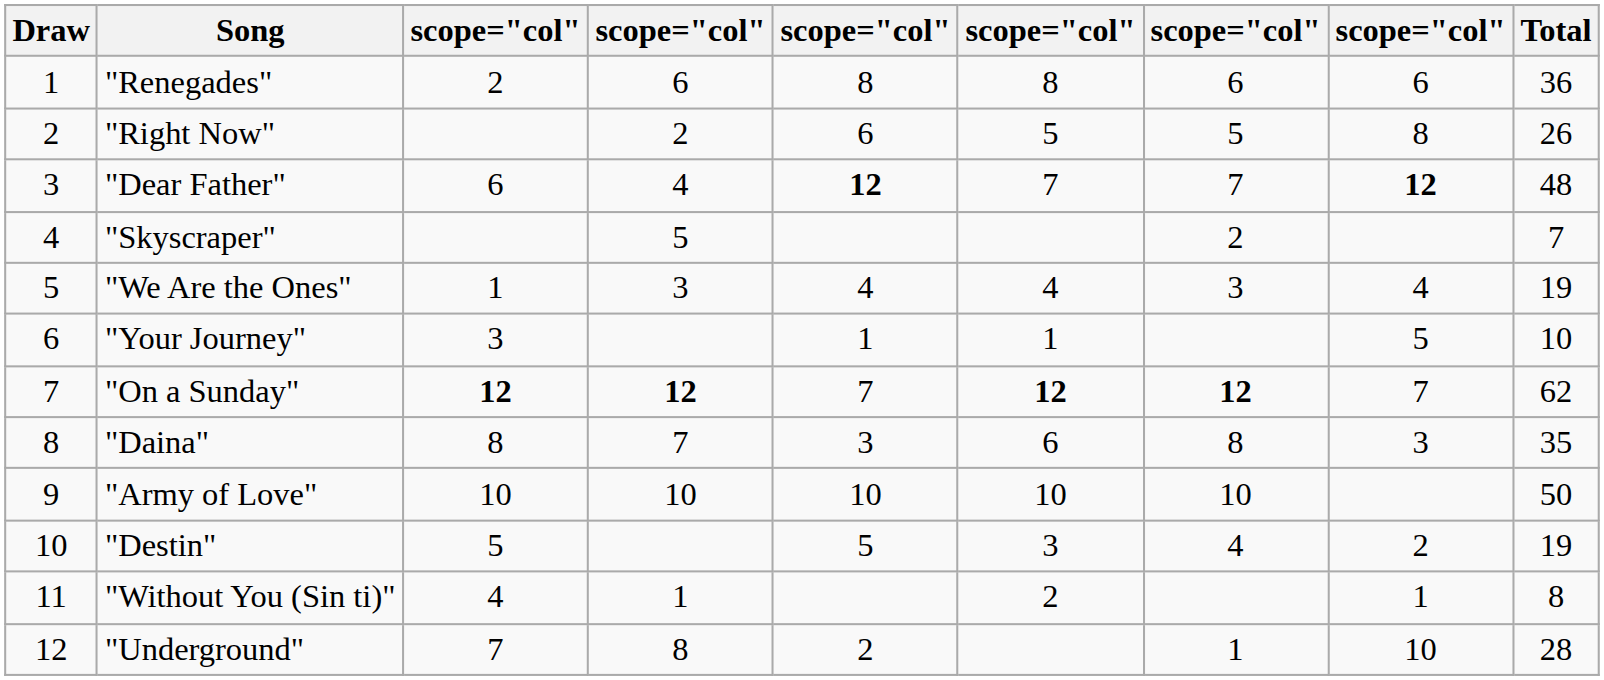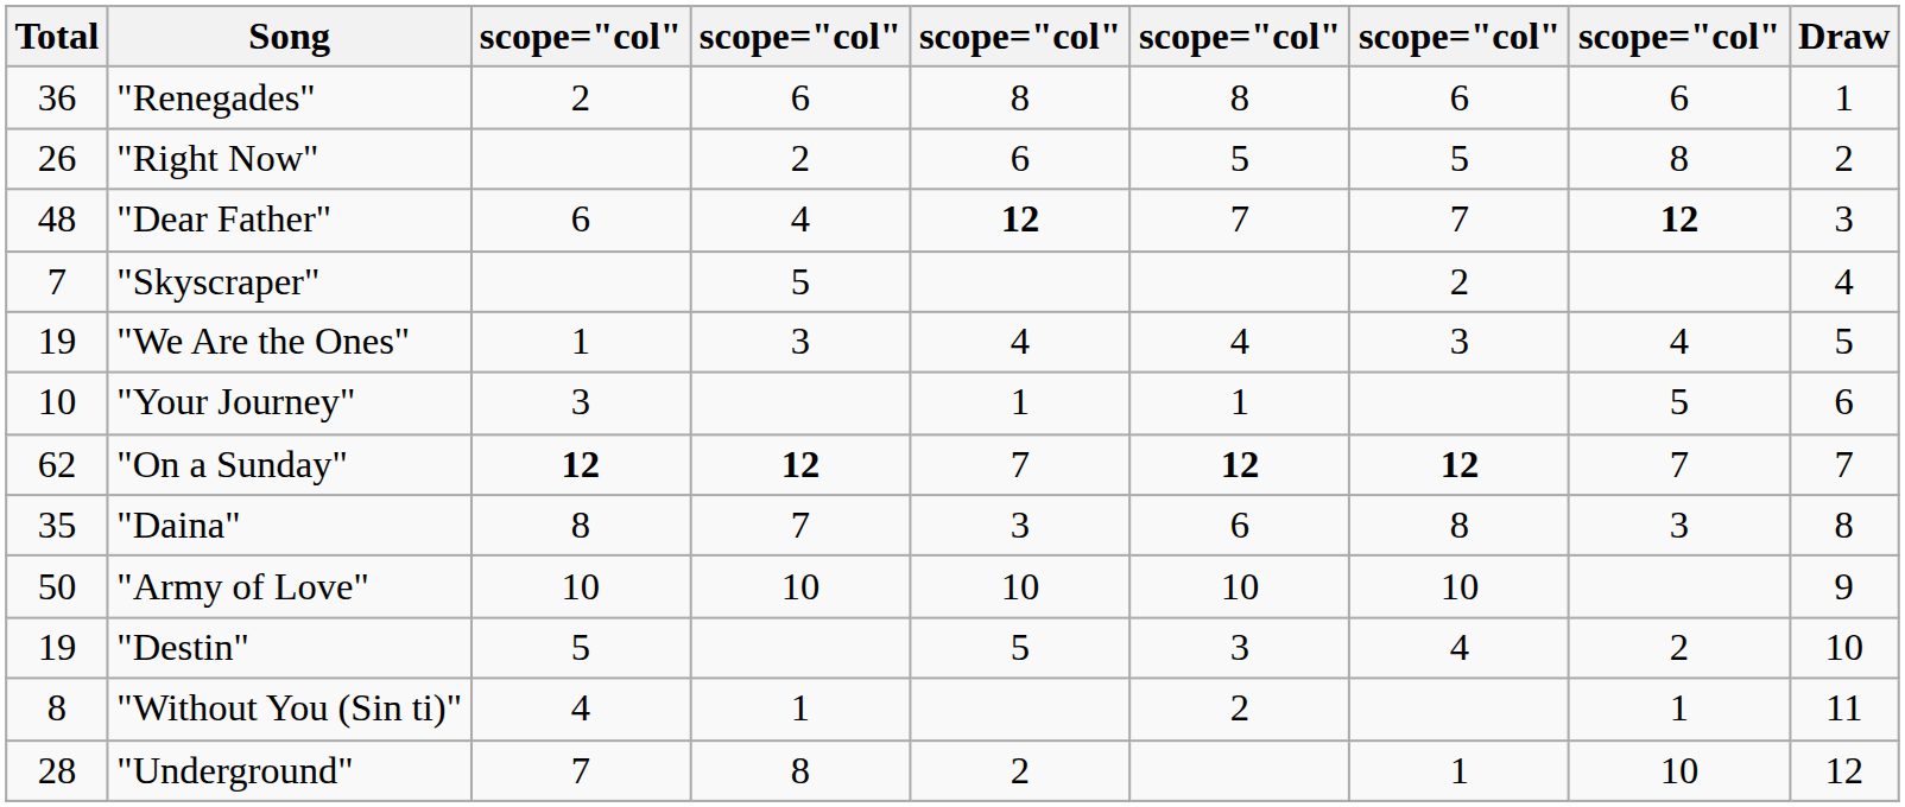 <table class="wikitable collapsible" style="margin: 1em auto 1em auto; text-align:center;">
 <tr>
-<th>Draw</th>
+<th>Total</th>
 <th>Song</th>
 <th>scope="col" </th>
 <th>scope="col" </th>
 <th>scope="col" </th>
 <th>scope="col" </th>
 <th>scope="col" </th>
 <th>scope="col" </th>
-<th>Total</th>
+<th>Draw</th>
 </tr>
 <tr>
-<td>1</td>
+<td>36</td>
 <td align="left">"Renegades"</td>
 <td>2</td>
 <td>6</td>
 <td>8</td>
 <td>8</td>
 <td>6</td>
 <td>6</td>
-<td>36</td>
+<td>1</td>
 </tr>
 <tr>
-<td>2</td>
+<td>26</td>
 <td align="left">"Right Now"</td>
 <td></td>
 <td>2</td>
 <td>6</td>
 <td>5</td>
 <td>5</td>
 <td>8</td>
-<td>26</td>
+<td>2</td>
 </tr>
 <tr>
-<td>3</td>
+<td>48</td>
 <td align="left">"Dear Father"</td>
 <td>6</td>
 <td>4</td>
 <td><strong>12</strong></td>
 <td>7</td>
 <td>7</td>
 <td><strong>12</strong></td>
-<td>48</td>
+<td>3</td>
 </tr>
 <tr>
-<td>4</td>
+<td>7</td>
 <td align="left">"Skyscraper"</td>
 <td></td>
 <td>5</td>
 <td></td>
 <td></td>
 <td>2</td>
 <td></td>
-<td>7</td>
+<td>4</td>
 </tr>
 <tr>
-<td>5</td>
+<td>19</td>
 <td align="left">"We Are the Ones"</td>
 <td>1</td>
 <td>3</td>
 <td>4</td>
 <td>4</td>
 <td>3</td>
 <td>4</td>
-<td>19</td>
+<td>5</td>
 </tr>
 <tr>
-<td>6</td>
+<td>10</td>
 <td align="left">"Your Journey"</td>
 <td>3</td>
 <td></td>
 <td>1</td>
 <td>1</td>
 <td></td>
 <td>5</td>
-<td>10</td>
+<td>6</td>
 </tr>
 <tr>
-<td>7</td>
+<td>62</td>
 <td align="left">"On a Sunday"</td>
 <td><strong>12</strong></td>
 <td><strong>12</strong></td>
 <td>7</td>
 <td><strong>12</strong></td>
 <td><strong>12</strong></td>
 <td>7</td>
-<td>62</td>
+<td>7</td>
 </tr>
 <tr>
-<td>8</td>
+<td>35</td>
 <td align="left">"Daina"</td>
 <td>8</td>
 <td>7</td>
 <td>3</td>
 <td>6</td>
 <td>8</td>
 <td>3</td>
-<td>35</td>
+<td>8</td>
 </tr>
 <tr>
-<td>9</td>
+<td>50</td>
 <td align="left">"Army of Love"</td>
 <td>10</td>
 <td>10</td>
 <td>10</td>
 <td>10</td>
 <td>10</td>
 <td></td>
-<td>50</td>
+<td>9</td>
 </tr>
 <tr>
-<td>10</td>
+<td>19</td>
 <td align="left">"Destin"</td>
 <td>5</td>
 <td></td>
 <td>5</td>
 <td>3</td>
 <td>4</td>
 <td>2</td>
-<td>19</td>
+<td>10</td>
 </tr>
 <tr>
-<td>11</td>
+<td>8</td>
 <td align="left">"Without You (Sin ti)"</td>
 <td>4</td>
 <td>1</td>
 <td></td>
 <td>2</td>
 <td></td>
 <td>1</td>
-<td>8</td>
+<td>11</td>
 </tr>
 <tr>
-<td>12</td>
+<td>28</td>
 <td align="left">"Underground"</td>
 <td>7</td>
 <td>8</td>
 <td>2</td>
 <td></td>
 <td>1</td>
 <td>10</td>
-<td>28</td>
+<td>12</td>
 </tr>
 </table>
